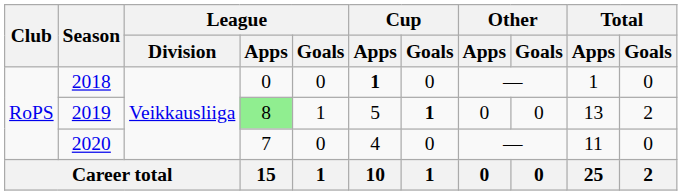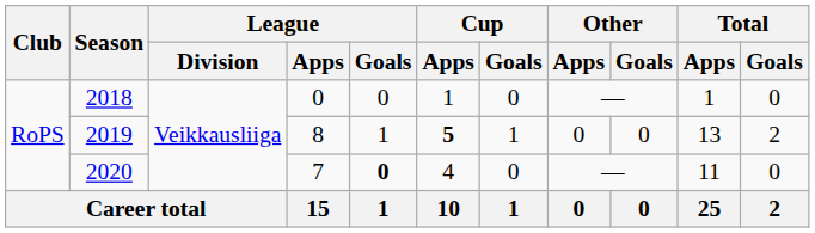 <table class="wikitable" Style="text-align: center">
 <tr>
 <th rowspan="2">Club</th>
 <th rowspan="2">Season</th>
 <th colspan="3">League</th>
 <th colspan="2">Cup</th>
 <th colspan="2">Other</th>
 <th colspan="2">Total</th>
 </tr>
 <tr>
 <th>Division</th>
 <th>Apps</th>
 <th>Goals</th>
 <th>Apps</th>
 <th>Goals</th>
 <th>Apps</th>
 <th>Goals</th>
 <th>Apps</th>
 <th>Goals</th>
 </tr>
 <tr>
 <td rowspan="3"><a href='#'>RoPS</a></td>
 <td><a href='#'>2018</a></td>
 <td rowspan="3"><a href='#'>Veikkausliiga</a></td>
 <td>0</td>
 <td>0</td>
-<td><strong>1</strong></td>
+<td>1</td>
 <td>0</td>
 <td colspan="2">—</td>
 <td>1</td>
 <td>0</td>
 </tr>
 <tr>
 <td><a href='#'>2019</a></td>
-<td style="background: lightgreen;">8</td>
+<td>8</td>
 <td>1</td>
-<td>5</td>
-<td><strong>1</strong></td>
+<td><strong>5</strong></td>
+<td>1</td>
 <td>0</td>
 <td>0</td>
 <td>13</td>
 <td>2</td>
 </tr>
 <tr>
 <td><a href='#'>2020</a></td>
 <td>7</td>
-<td>0</td>
+<td><strong>0</strong></td>
 <td>4</td>
 <td>0</td>
 <td colspan="2">—</td>
 <td>11</td>
 <td>0</td>
 </tr>
 <tr>
 <th colspan="3">Career total</th>
 <th>15</th>
 <th>1</th>
 <th>10</th>
 <th>1</th>
 <th>0</th>
 <th>0</th>
 <th>25</th>
 <th>2</th>
 </tr>
 </table>
